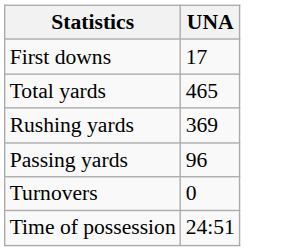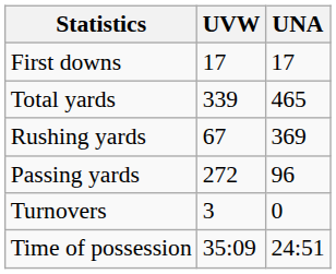 <table class="wikitable" style="float: left;">
 <tr>
 <th>Statistics</th>
+<th>UVW</th>
 <th>UNA</th>
 </tr>
 <tr>
 <td>First downs</td>
 <td>17</td>
+<td>17</td>
 </tr>
 <tr>
 <td>Total yards</td>
+<td>339</td>
 <td>465</td>
 </tr>
 <tr>
 <td>Rushing yards</td>
+<td>67</td>
 <td>369</td>
 </tr>
 <tr>
 <td>Passing yards</td>
+<td>272</td>
 <td>96</td>
 </tr>
 <tr>
 <td>Turnovers</td>
+<td>3</td>
 <td>0</td>
 </tr>
 <tr>
 <td>Time of possession</td>
+<td>35:09</td>
 <td>24:51</td>
 </tr>
 </table>
